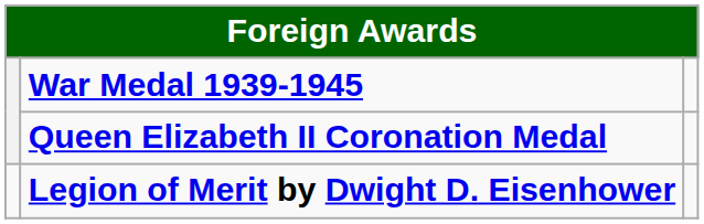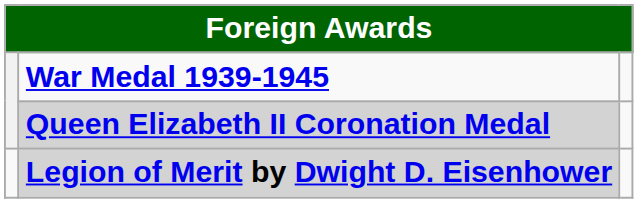 <table class="wikitable">
 <tr>
 <th colspan="3" style="background:#006400; color:#FFFFFF; text-align:center"><strong>Foreign Awards</strong></th>
 </tr>
 <tr>
 <th rowspan="2"><strong></strong></th>
 <td><strong><a href='#'>War Medal 1939-1945</a></strong></td>
 <td></td>
 </tr>
 <tr>
-<td><strong><a href='#'>Queen Elizabeth II Coronation Medal</a></strong></td>
+<td style="background: lightgrey;"><strong><a href='#'>Queen Elizabeth II Coronation Medal</a></strong></td>
 <td></td>
 </tr>
 <tr>
 <td rowspan="3"><strong></strong></td>
-<td><strong><a href='#'>Legion of Merit</a> by <a href='#'>Dwight D. Eisenhower</a></strong></td>
+<td style="background: lightgrey;"><strong><a href='#'>Legion of Merit</a> by <a href='#'>Dwight D. Eisenhower</a></strong></td>
 <td></td>
 </tr>
 </table>
